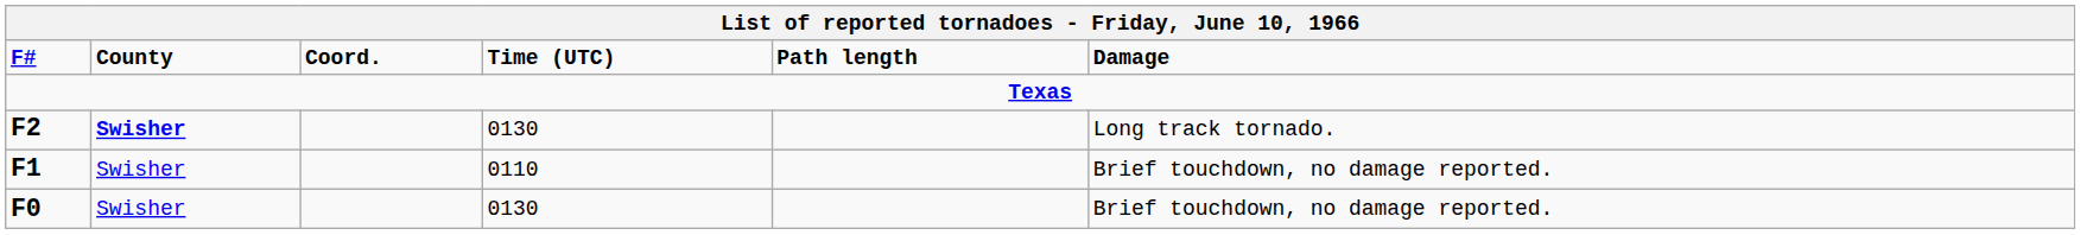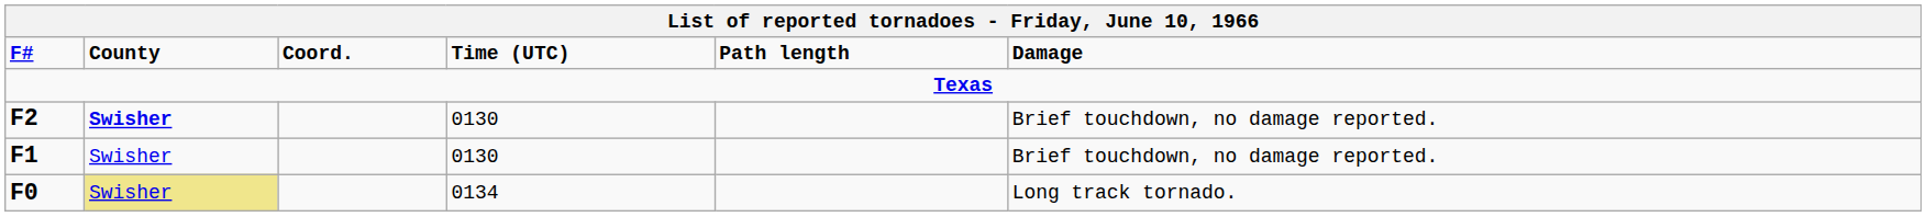 <table class="wikitable collapsible" style="width:100%;">
 <tr>
 <th colspan="6">List of reported tornadoes - Friday, June 10, 1966</th>
 </tr>
 <tr>
 <td><strong><a href='#'>F#</a></strong></td>
 <td><strong>County</strong></td>
 <td><strong>Coord.</strong></td>
 <td><strong>Time (UTC)</strong></td>
 <td><strong>Path length</strong></td>
 <td><strong>Damage</strong></td>
 </tr>
 <tr>
 <td colspan="6" style="text-align:center;"><strong><a href='#'>Texas</a></strong></td>
 </tr>
 <tr>
 <td><big><strong>F2</strong></big></td>
 <td><strong><a href='#'>Swisher</a></strong></td>
 <td></td>
 <td>0130</td>
 <td></td>
-<td>Long track tornado.</td>
+<td>Brief touchdown, no damage reported.</td>
 </tr>
 <tr>
 <td><big><strong>F1</strong></big></td>
-<td><a href='#'>Swisher</a></td>
-<td></td>
-<td>0110</td>
-<td></td>
-<td>Brief touchdown, no damage reported.</td>
-</tr>
-<tr>
-<td><big><strong>F0</strong></big></td>
 <td><a href='#'>Swisher</a></td>
 <td></td>
 <td>0130</td>
 <td></td>
 <td>Brief touchdown, no damage reported.</td>
 </tr>
+<tr>
+<td><big><strong>F0</strong></big></td>
+<td style="background: khaki;"><a href='#'>Swisher</a></td>
+<td></td>
+<td>0134</td>
+<td></td>
+<td>Long track tornado.</td>
+</tr>
 </table>
